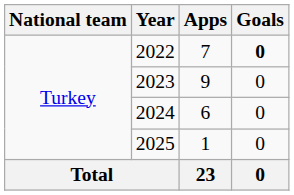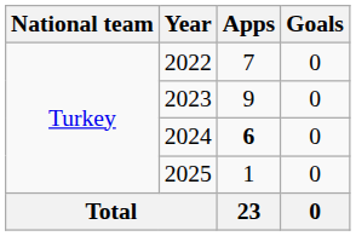 <table class=wikitable style=text-align:center>
 <tr>
 <th>National team</th>
 <th>Year</th>
 <th>Apps</th>
 <th>Goals</th>
 </tr>
 <tr>
 <td rowspan="4"><a href='#'>Turkey</a></td>
 <td>2022</td>
 <td>7</td>
-<td><strong>0</strong></td>
+<td>0</td>
 </tr>
 <tr>
 <td>2023</td>
 <td>9</td>
 <td>0</td>
 </tr>
 <tr>
 <td>2024</td>
-<td>6</td>
+<td><strong>6</strong></td>
 <td>0</td>
 </tr>
 <tr>
 <td>2025</td>
 <td>1</td>
 <td>0</td>
 </tr>
 <tr>
 <th colspan="2">Total</th>
 <th>23</th>
 <th>0</th>
 </tr>
 </table>
